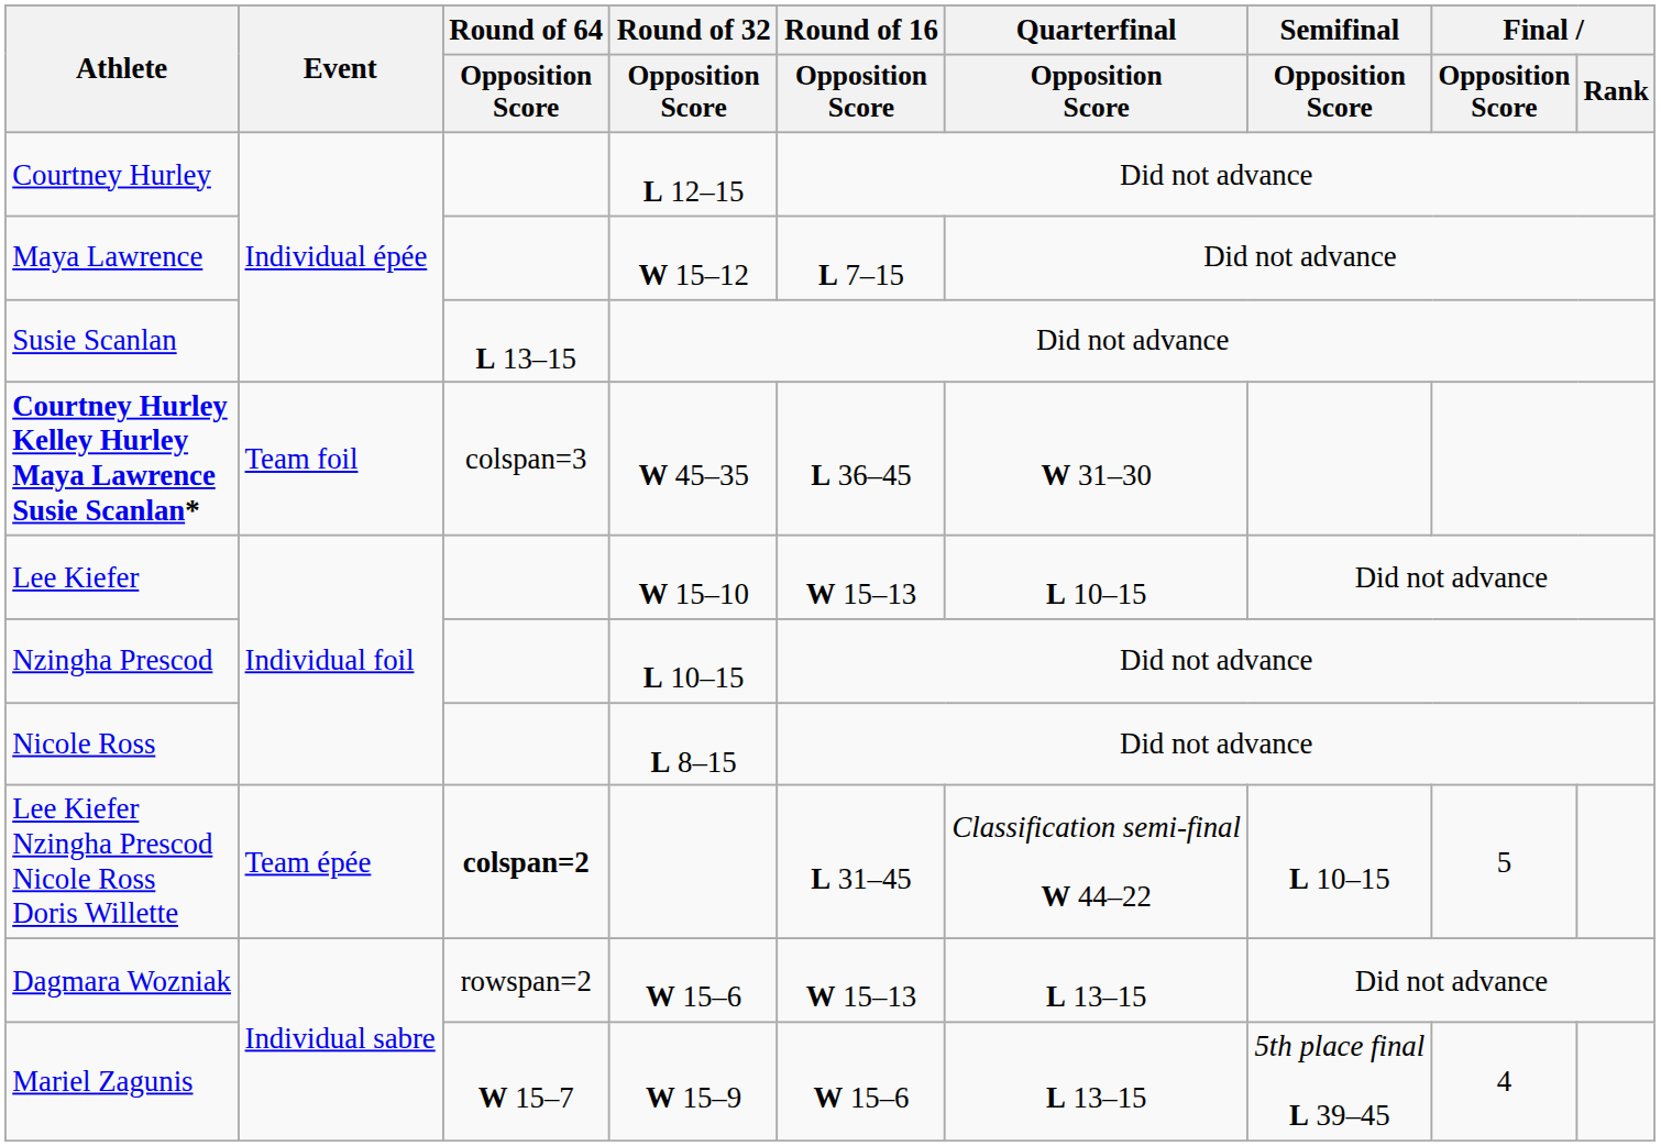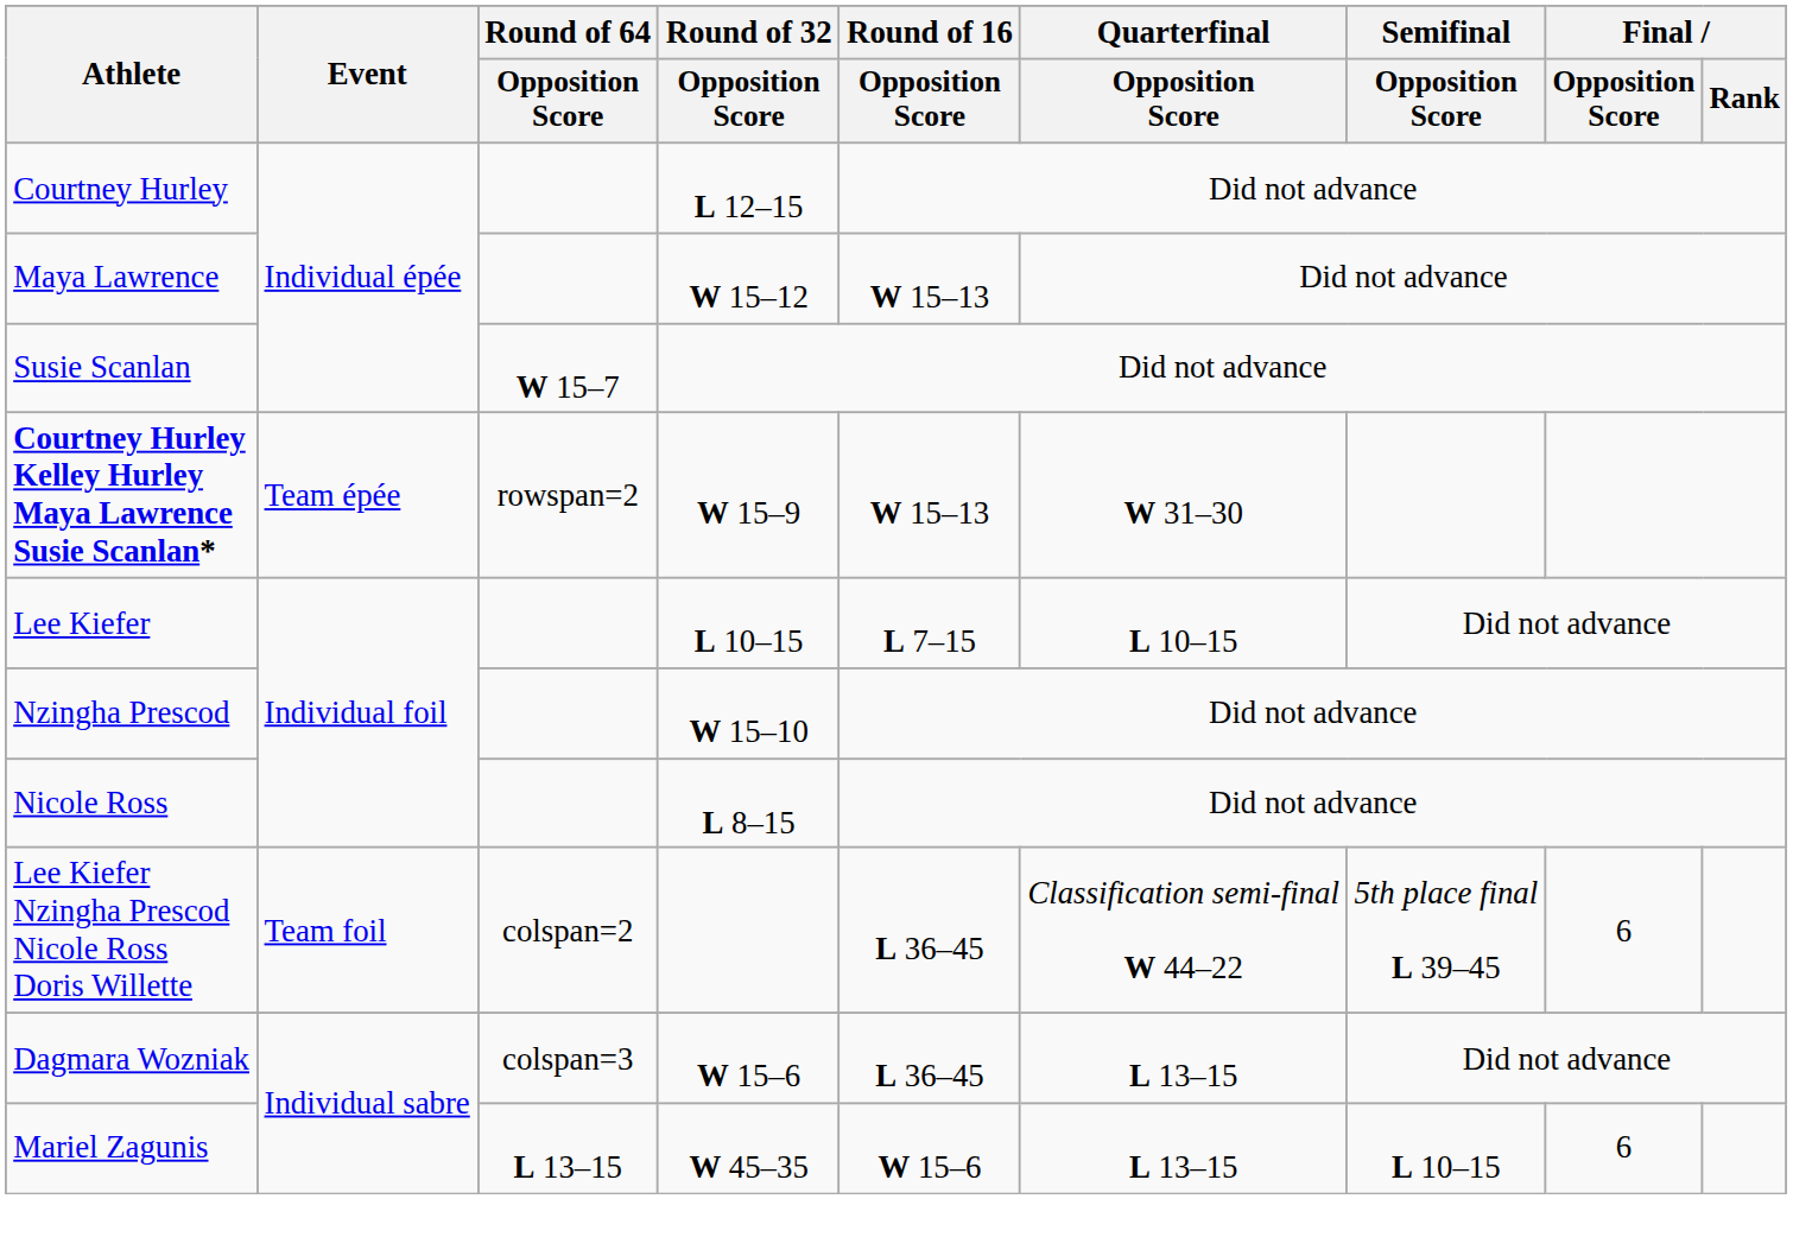 <table class=wikitable style=font-size:90%;text-align:center>
 <tr>
 <th rowspan=2>Athlete</th>
 <th rowspan=2>Event</th>
 <th>Round of 64</th>
 <th>Round of 32</th>
 <th>Round of 16</th>
 <th>Quarterfinal</th>
 <th>Semifinal</th>
 <th colspan=2>Final / </th>
 </tr>
 <tr style=font-size:95%>
 <th>Opposition <br> Score</th>
 <th>Opposition <br> Score</th>
 <th>Opposition <br> Score</th>
 <th>Opposition <br> Score</th>
 <th>Opposition <br> Score</th>
 <th>Opposition <br> Score</th>
 <th>Rank</th>
 </tr>
 <tr>
 <td align=left><a href='#'>Courtney Hurley</a></td>
 <td align=left rowspan=3><a href='#'>Individual épée</a></td>
 <td></td>
 <td><br><strong>L</strong> 12–15</td>
 <td colspan=5>Did not advance</td>
 </tr>
 <tr>
 <td align=left><a href='#'>Maya Lawrence</a></td>
 <td></td>
 <td><br><strong>W</strong> 15–12</td>
-<td><br><strong>L</strong> 7–15</td>
+<td><br><strong>W</strong> 15–13</td>
 <td colspan=4>Did not advance</td>
 </tr>
 <tr>
 <td align=left><a href='#'>Susie Scanlan</a></td>
-<td><br><strong>L</strong> 13–15</td>
+<td><br><strong>W</strong> 15–7</td>
 <td colspan=6>Did not advance</td>
 </tr>
 <tr>
 <td align=left><strong><a href='#'>Courtney Hurley</a><br><a href='#'>Kelley Hurley</a><br><a href='#'>Maya Lawrence</a><br><a href='#'>Susie Scanlan</a>*</strong></td>
-<td align=left><a href='#'>Team foil</a></td>
-<td>colspan=3 </td>
-<td><br><strong>W</strong> 45–35</td>
-<td><br><strong>L</strong> 36–45</td>
+<td align=left><a href='#'>Team épée</a></td>
+<td>rowspan=2 </td>
+<td><br><strong>W</strong> 15–9</td>
+<td><br><strong>W</strong> 15–13</td>
 <td><br><strong>W</strong> 31–30</td>
 <td></td>
 </tr>
 <tr>
 <td align=left><a href='#'>Lee Kiefer</a></td>
 <td align=left rowspan=3><a href='#'>Individual foil</a></td>
 <td></td>
-<td><br><strong>W</strong> 15–10</td>
-<td><br><strong>W</strong> 15–13</td>
+<td><br><strong>L</strong> 10–15</td>
+<td><br><strong>L</strong> 7–15</td>
 <td><br><strong>L</strong> 10–15</td>
 <td colspan=3>Did not advance</td>
 </tr>
 <tr>
 <td align=left><a href='#'>Nzingha Prescod</a></td>
 <td></td>
-<td><br><strong>L</strong> 10–15</td>
+<td><br><strong>W</strong> 15–10</td>
 <td colspan=5>Did not advance</td>
 </tr>
 <tr>
 <td align=left><a href='#'>Nicole Ross</a></td>
 <td></td>
 <td><br><strong>L</strong> 8–15</td>
 <td colspan=5>Did not advance</td>
 </tr>
 <tr>
 <td align=left><a href='#'>Lee Kiefer</a><br><a href='#'>Nzingha Prescod</a><br><a href='#'>Nicole Ross</a><br><a href='#'>Doris Willette</a></td>
-<td align=left><a href='#'>Team épée</a></td>
-<td><strong>colspan=2 </strong></td>
+<td align=left><a href='#'>Team foil</a></td>
+<td>colspan=2 </td>
 <td></td>
-<td><br><strong>L</strong> 31–45</td>
+<td><br><strong>L</strong> 36–45</td>
 <td><em>Classification semi-final</em><br><br><strong>W</strong> 44–22</td>
-<td><br><strong>L</strong> 10–15</td>
-<td>5</td>
+<td><em>5th place final</em><br><br><strong>L</strong> 39–45</td>
+<td>6</td>
 </tr>
 <tr>
 <td align=left><a href='#'>Dagmara Wozniak</a></td>
 <td align=left rowspan=2><a href='#'>Individual sabre</a></td>
-<td>rowspan=2 </td>
+<td>colspan=3 </td>
 <td><br><strong>W</strong> 15–6</td>
-<td><br><strong>W</strong> 15–13</td>
+<td><br><strong>L</strong> 36–45</td>
 <td><br><strong>L</strong> 13–15</td>
 <td colspan=3>Did not advance</td>
 </tr>
 <tr>
 <td align=left><a href='#'>Mariel Zagunis</a></td>
-<td><br><strong>W</strong> 15–7</td>
-<td><br><strong>W</strong> 15–9</td>
+<td><br><strong>L</strong> 13–15</td>
+<td><br><strong>W</strong> 45–35</td>
 <td><br><strong>W</strong> 15–6</td>
 <td><br><strong>L</strong> 13–15</td>
-<td><em>5th place final</em><br><br><strong>L</strong> 39–45</td>
-<td>4</td>
+<td><br><strong>L</strong> 10–15</td>
+<td>6</td>
 </tr>
 </table>
